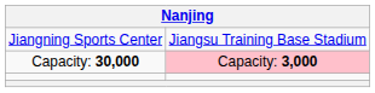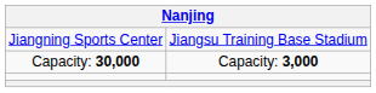 <table class="wikitable" style="text-align:center">
 <tr>
 <th colspan=2><a href='#'>Nanjing</a></th>
 </tr>
 <tr>
 <td><a href='#'>Jiangning Sports Center</a></td>
 <td><a href='#'>Jiangsu Training Base Stadium</a></td>
 </tr>
 <tr>
 <td>Capacity: <strong>30,000</strong></td>
-<td style="background: pink;">Capacity: <strong>3,000</strong></td>
+<td>Capacity: <strong>3,000</strong></td>
 </tr>
 <tr>
 <td></td>
 <td></td>
 </tr>
 <tr>
 <th colspan="2" rowspan="4"></th>
 </tr>
 </table>
